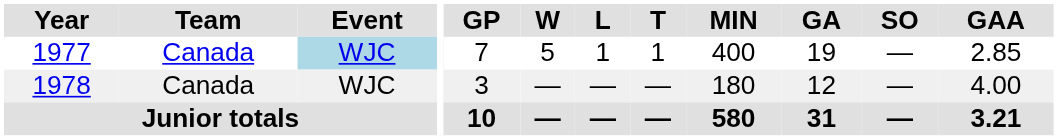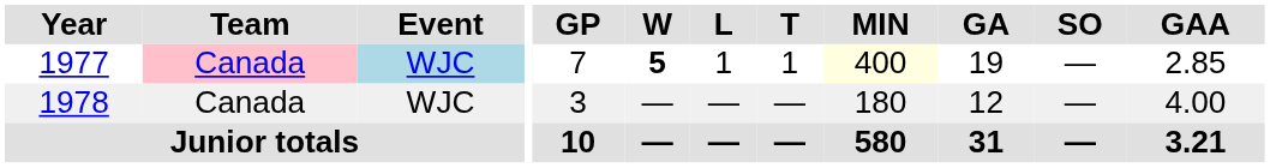 <table border="0" cellpadding="1" cellspacing="0" ID="Table3" style="text-align:center; width:40em">
 <tr ALIGN="center" bgcolor="#e0e0e0">
 <th>Year</th>
 <th>Team</th>
 <th>Event</th>
 <th rowspan="99" bgcolor="#ffffff"></th>
 <th>GP</th>
 <th>W</th>
 <th>L</th>
 <th>T</th>
 <th>MIN</th>
 <th>GA</th>
 <th>SO</th>
 <th>GAA</th>
 </tr>
 <tr>
 <td><a href='#'>1977</a></td>
-<td><a href='#'>Canada</a></td>
+<td style="background: pink;"><a href='#'>Canada</a></td>
 <td style="background: lightblue;"><a href='#'>WJC</a></td>
 <td>7</td>
-<td>5</td>
+<td><strong>5</strong></td>
 <td>1</td>
 <td>1</td>
-<td>400</td>
+<td style="background: lightyellow;">400</td>
 <td>19</td>
 <td>—</td>
 <td>2.85</td>
 </tr>
 <tr bgcolor="#f0f0f0">
 <td><a href='#'>1978</a></td>
 <td>Canada</td>
 <td>WJC</td>
 <td>3</td>
 <td>—</td>
 <td>—</td>
 <td>—</td>
 <td>180</td>
 <td>12</td>
 <td>—</td>
 <td>4.00</td>
 </tr>
 <tr bgcolor="#e0e0e0">
 <th colspan="3">Junior totals</th>
 <th>10</th>
 <th>—</th>
 <th>—</th>
 <th>—</th>
 <th>580</th>
 <th>31</th>
 <th>—</th>
 <th>3.21</th>
 </tr>
 </table>
